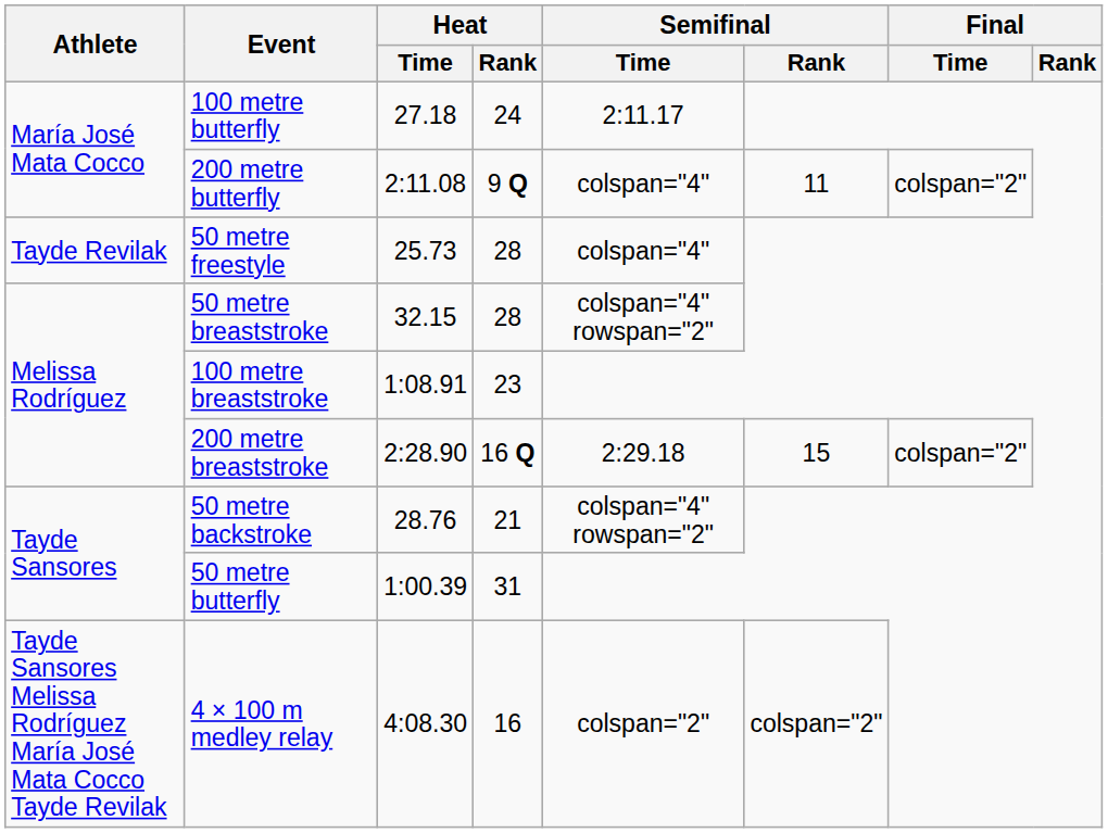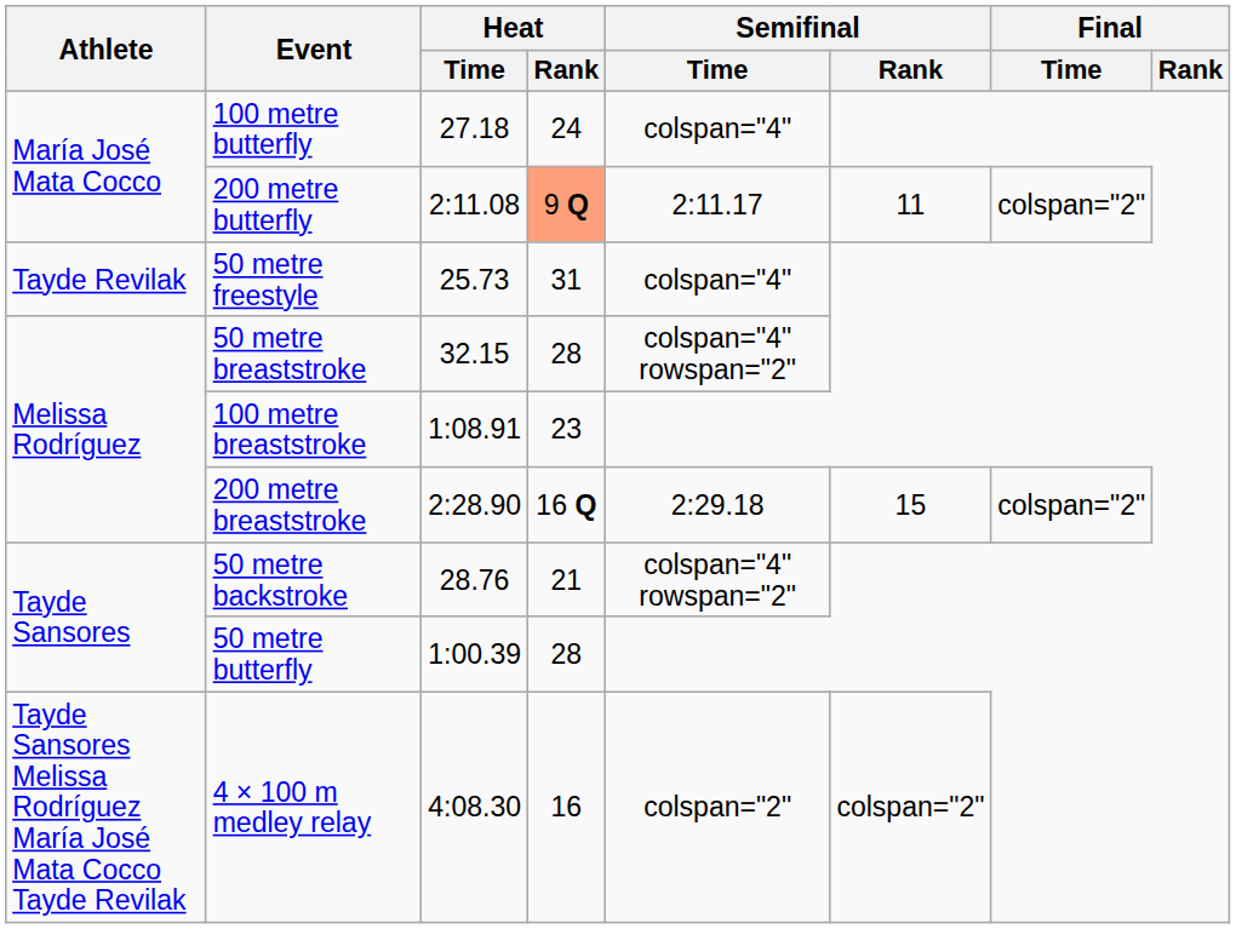 <table class="wikitable" style="text-align:center; font-size:90%; width:50%;">
 <tr>
 <th rowspan="2">Athlete</th>
 <th rowspan="2">Event</th>
 <th colspan="2">Heat</th>
 <th colspan="2">Semifinal</th>
 <th colspan="2">Final</th>
 </tr>
 <tr style="font-size:95%">
 <th>Time</th>
 <th>Rank</th>
 <th>Time</th>
 <th>Rank</th>
 <th>Time</th>
 <th>Rank</th>
 </tr>
 <tr align=center>
 <td align=left rowspan="2"><a href='#'>María José Mata Cocco</a></td>
 <td align=left><a href='#'>100 metre butterfly</a></td>
 <td>27.18</td>
 <td>24</td>
-<td>2:11.17</td>
+<td>colspan="4" </td>
 </tr>
 <tr align=center>
 <td align=left><a href='#'>200 metre butterfly</a></td>
 <td>2:11.08</td>
-<td>9 <strong>Q</strong></td>
-<td>colspan="4" </td>
+<td style="background: lightsalmon;">9 <strong>Q</strong></td>
+<td>2:11.17</td>
 <td>11</td>
 <td>colspan="2" </td>
 </tr>
 <tr align=center>
 <td align=left><a href='#'>Tayde Revilak</a></td>
 <td align=left><a href='#'>50 metre freestyle</a></td>
 <td>25.73</td>
-<td>28</td>
+<td>31</td>
 <td>colspan="4" </td>
 </tr>
 <tr align=center>
 <td align=left  rowspan="3"><a href='#'>Melissa Rodríguez</a></td>
 <td align=left><a href='#'>50 metre breaststroke</a></td>
 <td>32.15</td>
 <td>28</td>
 <td>colspan="4"  rowspan="2" </td>
 </tr>
 <tr align=center>
 <td align=left><a href='#'>100 metre breaststroke</a></td>
 <td>1:08.91</td>
 <td>23</td>
 </tr>
 <tr align=center>
 <td align=left><a href='#'>200 metre breaststroke</a></td>
 <td>2:28.90</td>
 <td>16 <strong>Q</strong></td>
 <td>2:29.18</td>
 <td>15</td>
 <td>colspan="2" </td>
 </tr>
 <tr align=center>
 <td align=left rowspan="2"><a href='#'>Tayde Sansores</a></td>
 <td align=left><a href='#'>50 metre backstroke</a></td>
 <td>28.76</td>
 <td>21</td>
 <td>colspan="4"  rowspan="2" </td>
 </tr>
 <tr align=center>
 <td align=left><a href='#'>50 metre butterfly</a></td>
 <td>1:00.39</td>
-<td>31</td>
+<td>28</td>
 </tr>
 <tr>
 <td align=left><a href='#'>Tayde Sansores</a><br><a href='#'>Melissa Rodríguez</a><br><a href='#'>María José Mata Cocco</a><br><a href='#'>Tayde Revilak</a></td>
 <td align=left><a href='#'>4 × 100 m medley relay</a></td>
 <td>4:08.30</td>
 <td>16</td>
 <td>colspan="2"  </td>
 <td>colspan="2"  </td>
 </tr>
 </table>
